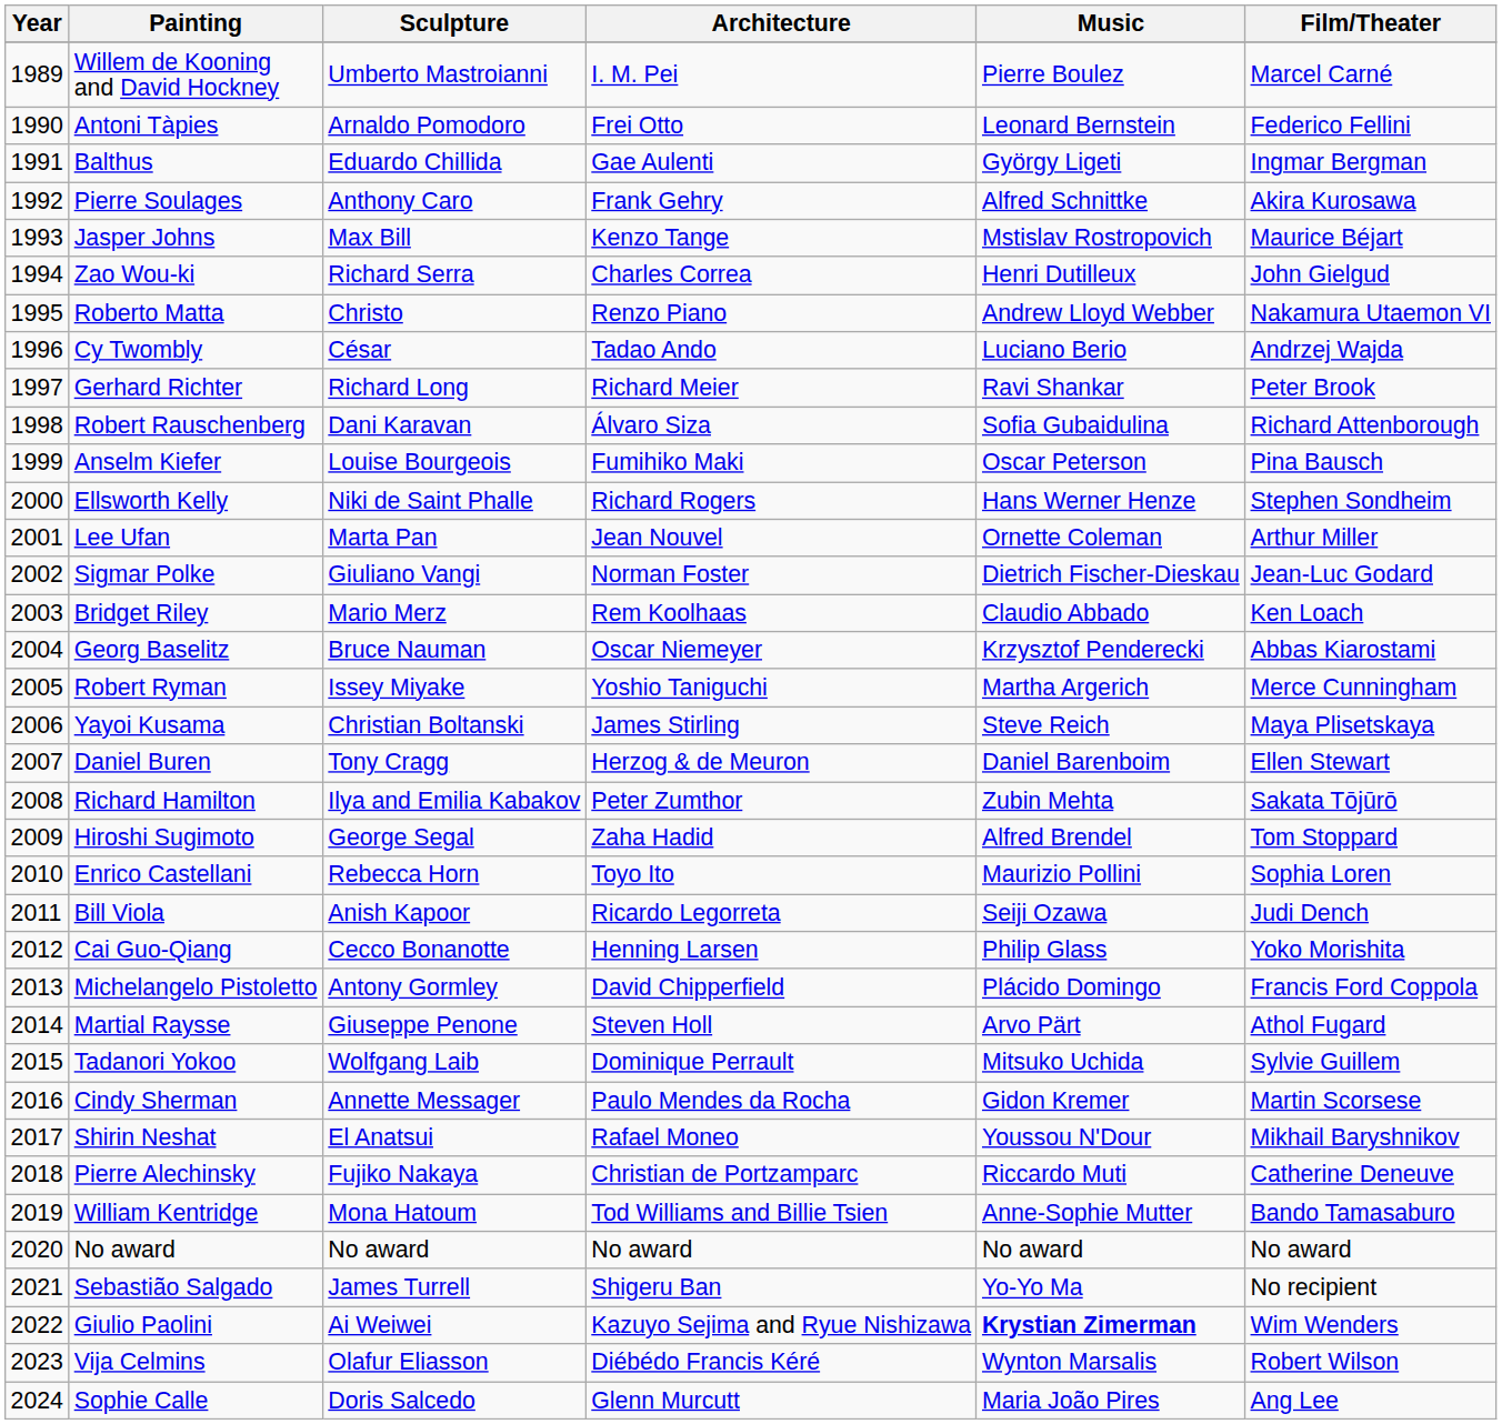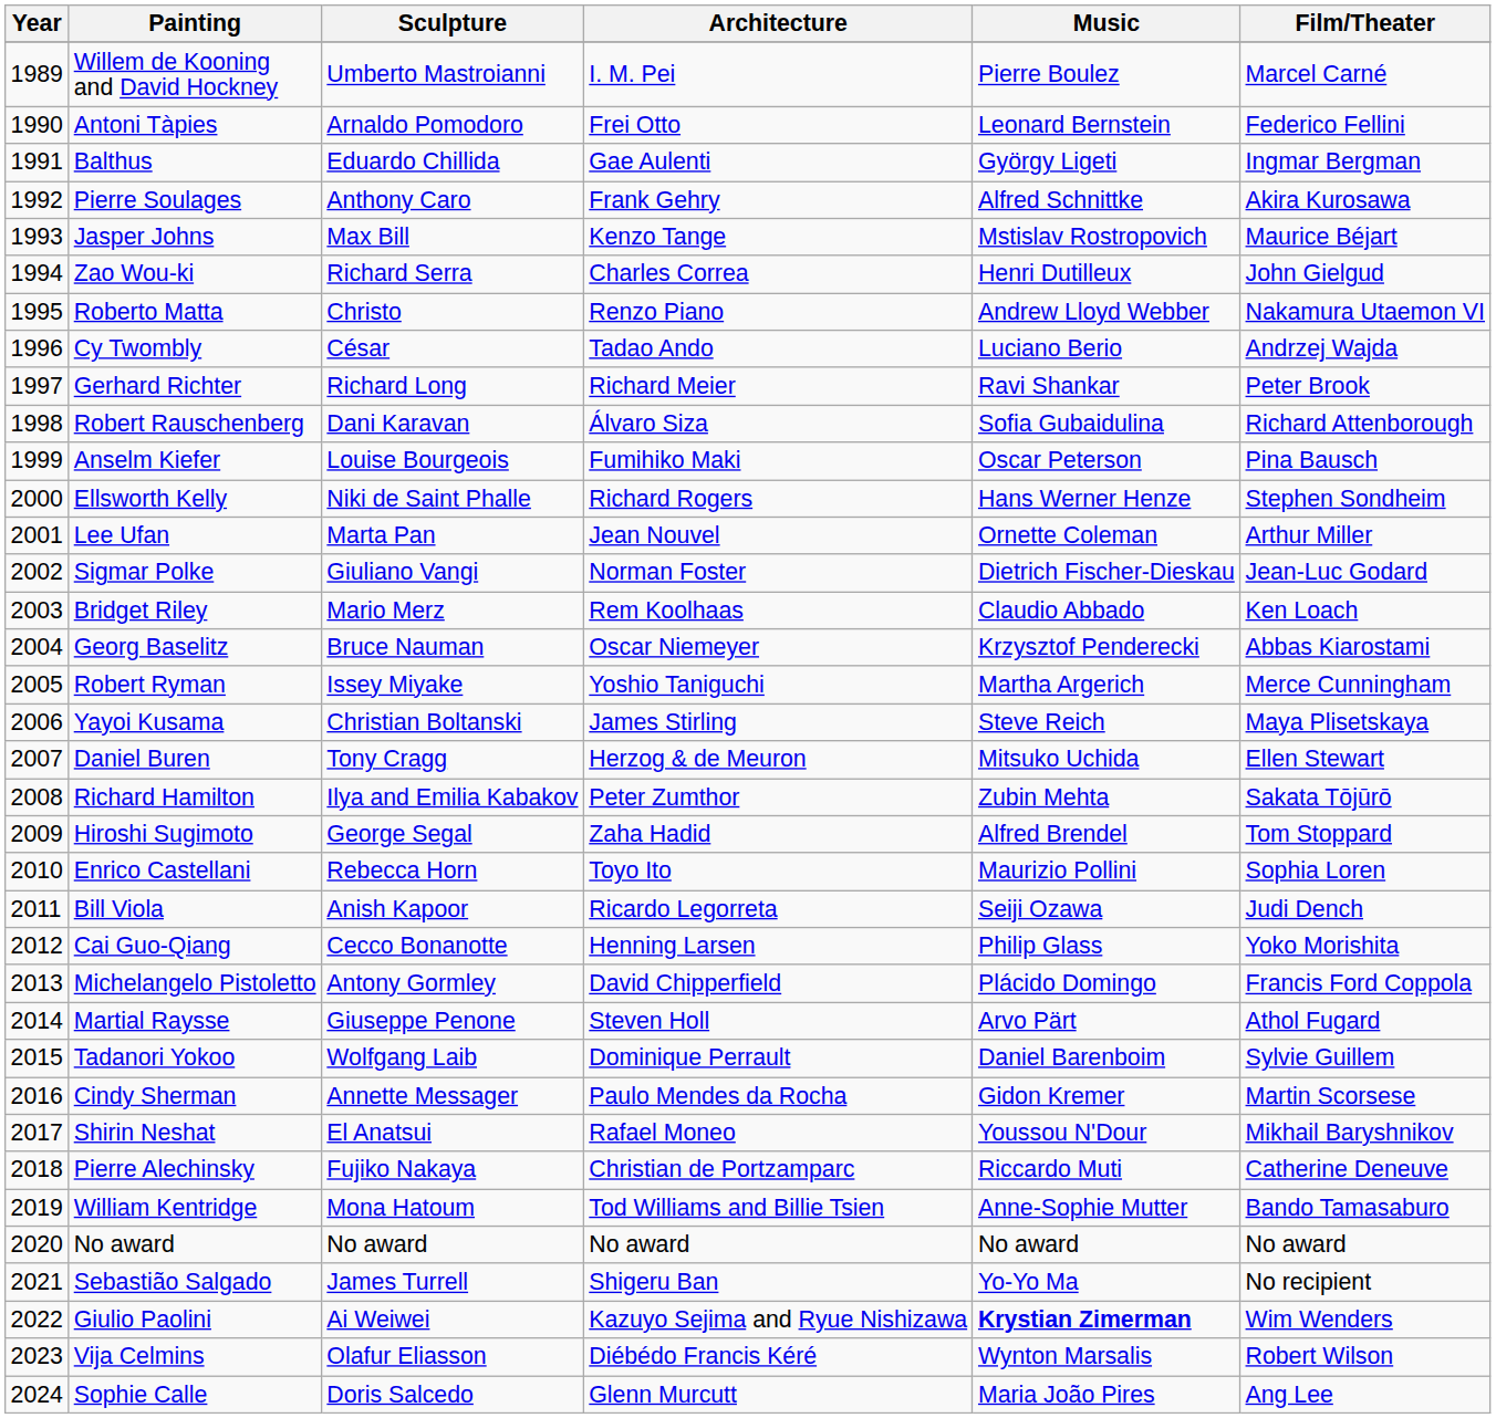 <table class="wikitable sortable">
 <tr>
 <th>Year</th>
 <th>Painting</th>
 <th>Sculpture</th>
 <th>Architecture</th>
 <th>Music</th>
 <th>Film/Theater</th>
 </tr>
 <tr>
 </tr>
 <tr>
 <td>1989</td>
 <td><a href='#'>Willem de Kooning</a> <br>and <a href='#'>David Hockney</a></td>
 <td><a href='#'>Umberto Mastroianni</a></td>
 <td><a href='#'>I. M. Pei</a></td>
 <td><a href='#'>Pierre Boulez</a></td>
 <td><a href='#'>Marcel Carné</a></td>
 </tr>
 <tr>
 <td>1990</td>
 <td><a href='#'>Antoni Tàpies</a></td>
 <td><a href='#'>Arnaldo Pomodoro</a></td>
 <td><a href='#'>Frei Otto</a></td>
 <td><a href='#'>Leonard Bernstein</a></td>
 <td><a href='#'>Federico Fellini</a></td>
 </tr>
 <tr>
 <td>1991</td>
 <td><a href='#'>Balthus</a></td>
 <td><a href='#'>Eduardo Chillida</a></td>
 <td><a href='#'>Gae Aulenti</a></td>
 <td><a href='#'>György Ligeti</a></td>
 <td><a href='#'>Ingmar Bergman</a></td>
 </tr>
 <tr>
 <td>1992</td>
 <td><a href='#'>Pierre Soulages</a></td>
 <td><a href='#'>Anthony Caro</a></td>
 <td><a href='#'>Frank Gehry</a></td>
 <td><a href='#'>Alfred Schnittke</a></td>
 <td><a href='#'>Akira Kurosawa</a></td>
 </tr>
 <tr>
 <td>1993</td>
 <td><a href='#'>Jasper Johns</a></td>
 <td><a href='#'>Max Bill</a></td>
 <td><a href='#'>Kenzo Tange</a></td>
 <td><a href='#'>Mstislav Rostropovich</a></td>
 <td><a href='#'>Maurice Béjart</a></td>
 </tr>
 <tr>
 <td>1994</td>
 <td><a href='#'>Zao Wou-ki</a></td>
 <td><a href='#'>Richard Serra</a></td>
 <td><a href='#'>Charles Correa</a></td>
 <td><a href='#'>Henri Dutilleux</a></td>
 <td><a href='#'>John Gielgud</a></td>
 </tr>
 <tr>
 <td>1995</td>
 <td><a href='#'>Roberto Matta</a></td>
 <td><a href='#'>Christo</a></td>
 <td><a href='#'>Renzo Piano</a></td>
 <td><a href='#'>Andrew Lloyd Webber</a></td>
 <td><a href='#'>Nakamura Utaemon VI</a></td>
 </tr>
 <tr>
 <td>1996</td>
 <td><a href='#'>Cy Twombly</a></td>
 <td><a href='#'>César</a></td>
 <td><a href='#'>Tadao Ando</a></td>
 <td><a href='#'>Luciano Berio</a></td>
 <td><a href='#'>Andrzej Wajda</a></td>
 </tr>
 <tr>
 <td>1997</td>
 <td><a href='#'>Gerhard Richter</a></td>
 <td><a href='#'>Richard Long</a></td>
 <td><a href='#'>Richard Meier</a></td>
 <td><a href='#'>Ravi Shankar</a></td>
 <td><a href='#'>Peter Brook</a></td>
 </tr>
 <tr>
 <td>1998</td>
 <td><a href='#'>Robert Rauschenberg</a></td>
 <td><a href='#'>Dani Karavan</a></td>
 <td><a href='#'>Álvaro Siza</a></td>
 <td><a href='#'>Sofia Gubaidulina</a></td>
 <td><a href='#'>Richard Attenborough</a></td>
 </tr>
 <tr>
 <td>1999</td>
 <td><a href='#'>Anselm Kiefer</a></td>
 <td><a href='#'>Louise Bourgeois</a></td>
 <td><a href='#'>Fumihiko Maki</a></td>
 <td><a href='#'>Oscar Peterson</a></td>
 <td><a href='#'>Pina Bausch</a></td>
 </tr>
 <tr>
 <td>2000</td>
 <td><a href='#'>Ellsworth Kelly</a></td>
 <td><a href='#'>Niki de Saint Phalle</a></td>
 <td><a href='#'>Richard Rogers</a></td>
 <td><a href='#'>Hans Werner Henze</a></td>
 <td><a href='#'>Stephen Sondheim</a></td>
 </tr>
 <tr>
 <td>2001</td>
 <td><a href='#'>Lee Ufan</a></td>
 <td><a href='#'>Marta Pan</a></td>
 <td><a href='#'>Jean Nouvel</a></td>
 <td><a href='#'>Ornette Coleman</a></td>
 <td><a href='#'>Arthur Miller</a></td>
 </tr>
 <tr>
 <td>2002</td>
 <td><a href='#'>Sigmar Polke</a></td>
 <td><a href='#'>Giuliano Vangi</a></td>
 <td><a href='#'>Norman Foster</a></td>
 <td><a href='#'>Dietrich Fischer-Dieskau</a></td>
 <td><a href='#'>Jean-Luc Godard</a></td>
 </tr>
 <tr>
 <td>2003</td>
 <td><a href='#'>Bridget Riley</a></td>
 <td><a href='#'>Mario Merz</a></td>
 <td><a href='#'>Rem Koolhaas</a></td>
 <td><a href='#'>Claudio Abbado</a></td>
 <td><a href='#'>Ken Loach</a></td>
 </tr>
 <tr>
 <td>2004</td>
 <td><a href='#'>Georg Baselitz</a></td>
 <td><a href='#'>Bruce Nauman</a></td>
 <td><a href='#'>Oscar Niemeyer</a></td>
 <td><a href='#'>Krzysztof Penderecki</a></td>
 <td><a href='#'>Abbas Kiarostami</a></td>
 </tr>
 <tr>
 <td>2005</td>
 <td><a href='#'>Robert Ryman</a></td>
 <td><a href='#'>Issey Miyake</a></td>
 <td><a href='#'>Yoshio Taniguchi</a></td>
 <td><a href='#'>Martha Argerich</a></td>
 <td><a href='#'>Merce Cunningham</a></td>
 </tr>
 <tr>
 <td>2006</td>
 <td><a href='#'>Yayoi Kusama</a></td>
 <td><a href='#'>Christian Boltanski</a></td>
 <td><a href='#'>James Stirling</a></td>
 <td><a href='#'>Steve Reich</a></td>
 <td><a href='#'>Maya Plisetskaya</a></td>
 </tr>
 <tr>
 <td>2007</td>
 <td><a href='#'>Daniel Buren</a></td>
 <td><a href='#'>Tony Cragg</a></td>
 <td><a href='#'>Herzog & de Meuron</a></td>
-<td><a href='#'>Daniel Barenboim</a></td>
+<td><a href='#'>Mitsuko Uchida</a></td>
 <td><a href='#'>Ellen Stewart</a></td>
 </tr>
 <tr>
 <td>2008</td>
 <td><a href='#'>Richard Hamilton</a></td>
 <td><a href='#'>Ilya and Emilia Kabakov</a></td>
 <td><a href='#'>Peter Zumthor</a></td>
 <td><a href='#'>Zubin Mehta</a></td>
 <td><a href='#'>Sakata Tōjūrō</a></td>
 </tr>
 <tr>
 <td>2009</td>
 <td><a href='#'>Hiroshi Sugimoto</a></td>
 <td><a href='#'>George Segal</a></td>
 <td><a href='#'>Zaha Hadid</a></td>
 <td><a href='#'>Alfred Brendel</a></td>
 <td><a href='#'>Tom Stoppard</a></td>
 </tr>
 <tr>
 <td>2010</td>
 <td><a href='#'>Enrico Castellani</a></td>
 <td><a href='#'>Rebecca Horn</a></td>
 <td><a href='#'>Toyo Ito</a></td>
 <td><a href='#'>Maurizio Pollini</a></td>
 <td><a href='#'>Sophia Loren</a></td>
 </tr>
 <tr>
 <td>2011</td>
 <td><a href='#'>Bill Viola</a></td>
 <td><a href='#'>Anish Kapoor</a></td>
 <td><a href='#'>Ricardo Legorreta</a></td>
 <td><a href='#'>Seiji Ozawa</a></td>
 <td><a href='#'>Judi Dench</a></td>
 </tr>
 <tr>
 <td>2012</td>
 <td><a href='#'>Cai Guo-Qiang</a></td>
 <td><a href='#'>Cecco Bonanotte</a></td>
 <td><a href='#'>Henning Larsen</a></td>
 <td><a href='#'>Philip Glass</a></td>
 <td><a href='#'>Yoko Morishita</a></td>
 </tr>
 <tr>
 <td>2013</td>
 <td><a href='#'>Michelangelo Pistoletto</a></td>
 <td><a href='#'>Antony Gormley</a></td>
 <td><a href='#'>David Chipperfield</a></td>
 <td><a href='#'>Plácido Domingo</a></td>
 <td><a href='#'>Francis Ford Coppola</a></td>
 </tr>
 <tr>
 <td>2014</td>
 <td><a href='#'>Martial Raysse</a></td>
 <td><a href='#'>Giuseppe Penone</a></td>
 <td><a href='#'>Steven Holl</a></td>
 <td><a href='#'>Arvo Pärt</a></td>
 <td><a href='#'>Athol Fugard</a></td>
 </tr>
 <tr>
 <td>2015</td>
 <td><a href='#'>Tadanori Yokoo</a></td>
 <td><a href='#'>Wolfgang Laib</a></td>
 <td><a href='#'>Dominique Perrault</a></td>
-<td><a href='#'>Mitsuko Uchida</a></td>
+<td><a href='#'>Daniel Barenboim</a></td>
 <td><a href='#'>Sylvie Guillem</a></td>
 </tr>
 <tr>
 <td>2016</td>
 <td><a href='#'>Cindy Sherman</a></td>
 <td><a href='#'>Annette Messager</a></td>
 <td><a href='#'>Paulo Mendes da Rocha</a></td>
 <td><a href='#'>Gidon Kremer</a></td>
 <td><a href='#'>Martin Scorsese</a></td>
 </tr>
 <tr>
 <td>2017</td>
 <td><a href='#'>Shirin Neshat</a></td>
 <td><a href='#'>El Anatsui</a></td>
 <td><a href='#'>Rafael Moneo</a></td>
 <td><a href='#'>Youssou N'Dour</a></td>
 <td><a href='#'>Mikhail Baryshnikov</a></td>
 </tr>
 <tr>
 <td>2018</td>
 <td><a href='#'>Pierre Alechinsky</a></td>
 <td><a href='#'>Fujiko Nakaya</a></td>
 <td><a href='#'>Christian de Portzamparc</a></td>
 <td><a href='#'>Riccardo Muti</a></td>
 <td><a href='#'>Catherine Deneuve</a></td>
 </tr>
 <tr>
 <td>2019</td>
 <td><a href='#'>William Kentridge</a></td>
 <td><a href='#'>Mona Hatoum</a></td>
 <td><a href='#'>Tod Williams and Billie Tsien</a></td>
 <td><a href='#'>Anne-Sophie Mutter</a></td>
 <td><a href='#'>Bando Tamasaburo</a></td>
 </tr>
 <tr>
 <td>2020</td>
 <td>No award</td>
 <td>No award</td>
 <td>No award</td>
 <td>No award</td>
 <td>No award</td>
 </tr>
 <tr>
 <td>2021</td>
 <td><a href='#'>Sebastião Salgado</a></td>
 <td><a href='#'>James Turrell</a></td>
 <td><a href='#'>Shigeru Ban</a></td>
 <td><a href='#'>Yo-Yo Ma</a></td>
 <td>No recipient</td>
 </tr>
 <tr>
 <td>2022</td>
 <td><a href='#'>Giulio Paolini</a></td>
 <td><a href='#'>Ai Weiwei</a></td>
 <td><a href='#'>Kazuyo Sejima</a> and <a href='#'>Ryue Nishizawa</a></td>
 <td><strong><a href='#'>Krystian Zimerman</a></strong></td>
 <td><a href='#'>Wim Wenders</a></td>
 </tr>
 <tr>
 <td>2023</td>
 <td><a href='#'>Vija Celmins</a></td>
 <td><a href='#'>Olafur Eliasson</a></td>
 <td><a href='#'>Diébédo Francis Kéré</a></td>
 <td><a href='#'>Wynton Marsalis</a></td>
 <td><a href='#'>Robert Wilson</a></td>
 </tr>
 <tr>
 <td>2024</td>
 <td><a href='#'>Sophie Calle</a></td>
 <td><a href='#'>Doris Salcedo</a></td>
 <td><a href='#'>Glenn Murcutt</a></td>
 <td><a href='#'>Maria João Pires</a></td>
 <td><a href='#'>Ang Lee</a></td>
 </tr>
 </table>
